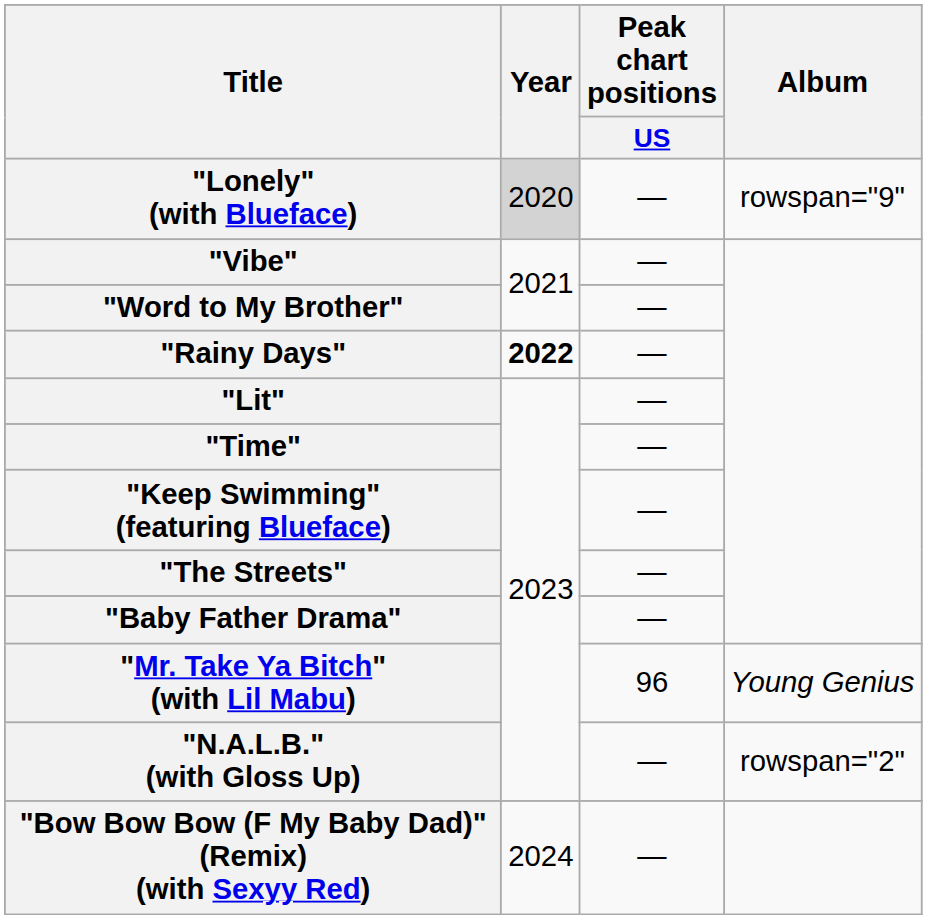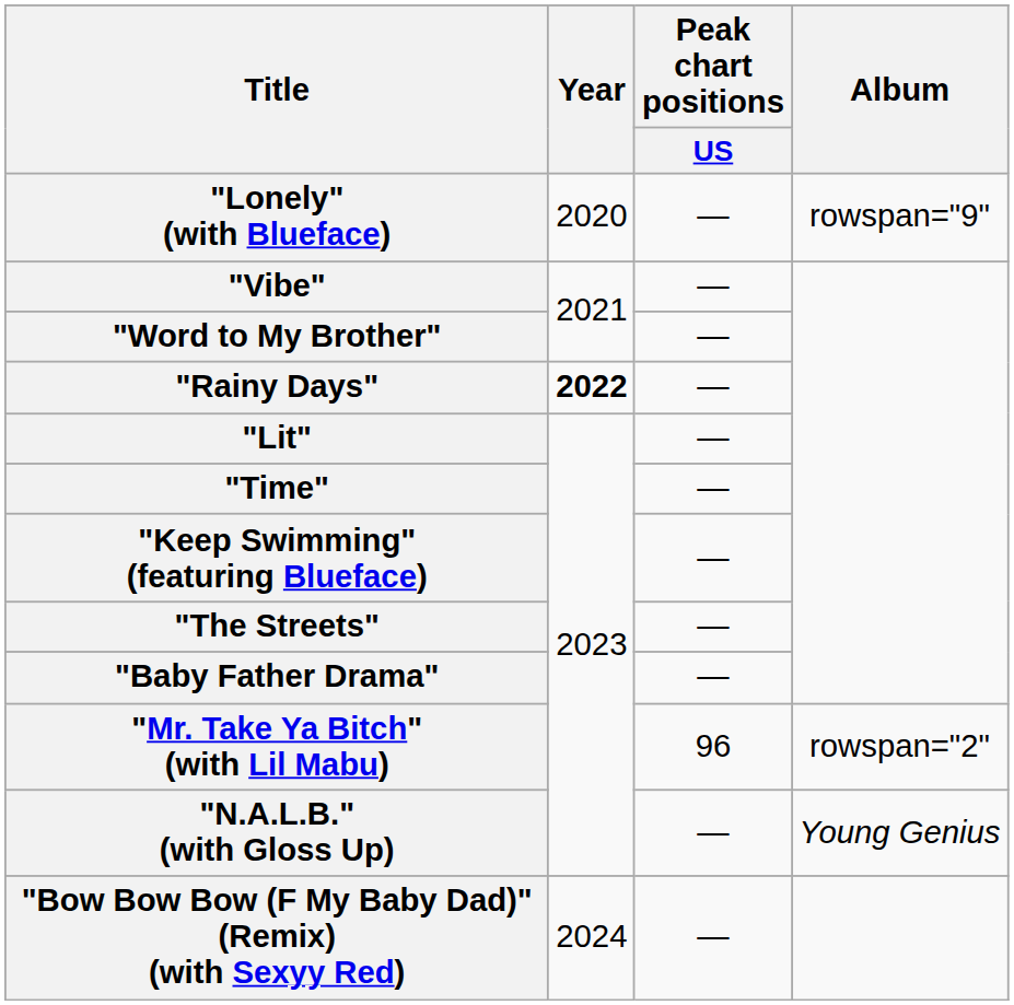 <table class="wikitable plainrowheaders" style="text-align:center;">
 <tr>
 <th scope="col" rowspan="2" style="width:16.5em;">Title</th>
 <th scope="col" rowspan="2">Year</th>
 <th scope="col" colspan="1">Peak chart positions</th>
 <th scope="col" rowspan="2">Album</th>
 </tr>
 <tr>
 <th scope="col" style="width:2.5em;font-size:90%;"><a href='#'>US</a></th>
 </tr>
 <tr>
 <th scope="row">"Lonely"<br><span>(with <a href='#'>Blueface</a>)</span></th>
-<td style="background: lightgrey;">2020</td>
+<td>2020</td>
 <td>—</td>
 <td>rowspan="9" </td>
 </tr>
 <tr>
 <th scope="row">"Vibe"</th>
 <td rowspan="2">2021</td>
 <td>—</td>
 </tr>
 <tr>
 <th scope="row">"Word to My Brother"</th>
 <td>—</td>
 </tr>
 <tr>
 <th scope="row">"Rainy Days"</th>
 <td><strong>2022</strong></td>
 <td>—</td>
 </tr>
 <tr>
 <th scope="row">"Lit"</th>
 <td rowspan="7">2023</td>
 <td>—</td>
 </tr>
 <tr>
 <th scope="row">"Time"</th>
 <td>—</td>
 </tr>
 <tr>
 <th scope="row">"Keep Swimming"<br><span>(featuring <a href='#'>Blueface</a>)</span></th>
 <td>—</td>
 </tr>
 <tr>
 <th scope="row">"The Streets"</th>
 <td>—</td>
 </tr>
 <tr>
 <th scope="row">"Baby Father Drama"</th>
 <td>—</td>
 </tr>
 <tr>
 <th scope="row">"<a href='#'>Mr. Take Ya Bitch</a>"<br><span>(with <a href='#'>Lil Mabu</a>)</span></th>
 <td>96</td>
-<td><em>Young Genius</em></td>
+<td>rowspan="2" </td>
 </tr>
 <tr>
 <th scope="row">"N.A.L.B."<br><span>(with Gloss Up)</span></th>
 <td>—</td>
-<td>rowspan="2" </td>
+<td><em>Young Genius</em></td>
 </tr>
 <tr>
 <th scope="row">"Bow Bow Bow (F My Baby Dad)" (Remix)<br><span>(with <a href='#'>Sexyy Red</a>)</span></th>
 <td>2024</td>
 <td>—</td>
 </tr>
 </table>
